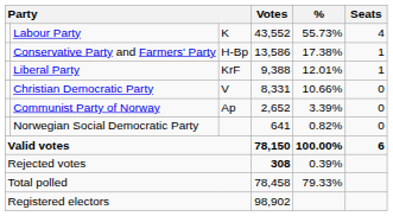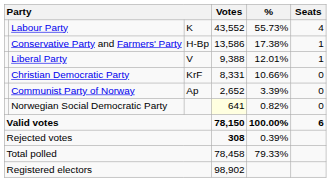 <table class="wikitable" border="1" style="text-align:right;">
 <tr>
 <th style="text-align:left;" colspan=3>Party</th>
 <th align=center width="50">Votes</th>
 <th align=center width="50">%</th>
 <th align=center width="50">Seats</th>
 </tr>
 <tr>
 <td style="color:inherit;background:"></td>
 <td align=left><a href='#'>Labour Party</a></td>
 <td align=left>K</td>
 <td>43,552</td>
 <td>55.73%</td>
 <td>4</td>
 </tr>
 <tr>
 <td></td>
 <td align=left><a href='#'>Conservative Party</a> and <a href='#'>Farmers' Party</a></td>
 <td align=left>H-Bp</td>
 <td>13,586</td>
 <td>17.38%</td>
 <td>1</td>
 </tr>
 <tr>
 <td style="color:inherit;background:"></td>
 <td align=left><a href='#'>Liberal Party</a></td>
-<td align=left>KrF</td>
+<td align=left>V</td>
 <td>9,388</td>
 <td>12.01%</td>
 <td>1</td>
 </tr>
 <tr>
 <td style="color:inherit;background:"></td>
 <td align=left><a href='#'>Christian Democratic Party</a></td>
-<td align=left>V</td>
+<td align=left>KrF</td>
 <td>8,331</td>
 <td>10.66%</td>
 <td>0</td>
 </tr>
 <tr>
 <td style="color:inherit;background:"></td>
 <td align=left><a href='#'>Communist Party of Norway</a></td>
 <td align=left>Ap</td>
 <td>2,652</td>
 <td>3.39%</td>
 <td>0</td>
 </tr>
 <tr>
 <td></td>
 <td align=left>Norwegian Social Democratic Party</td>
 <td align=left></td>
-<td>641</td>
+<td style="background: lightyellow;">641</td>
 <td>0.82%</td>
 <td>0</td>
 </tr>
 <tr style="font-weight:bold">
 <td align=left colspan=3>Valid votes</td>
 <td>78,150</td>
 <td>100.00%</td>
 <td>6</td>
 </tr>
 <tr>
 <td align=left colspan=3>Rejected votes</td>
 <td><strong>308</strong></td>
 <td>0.39%</td>
 <td></td>
 </tr>
 <tr>
 <td align=left colspan=3>Total polled</td>
 <td>78,458</td>
 <td>79.33%</td>
 <td></td>
 </tr>
 <tr>
 <td align=left colspan=3>Registered electors</td>
 <td>98,902</td>
 <td></td>
 <td></td>
 </tr>
 </table>
